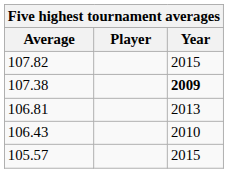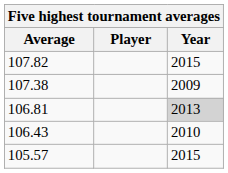 <table class="wikitable sortable">
 <tr>
 <th colspan=5>Five highest tournament averages</th>
 </tr>
 <tr>
 <th>Average</th>
 <th>Player</th>
 <th>Year</th>
 </tr>
 <tr>
 <td>107.82</td>
 <td></td>
 <td>2015</td>
 </tr>
 <tr>
 <td>107.38</td>
 <td></td>
-<td><strong>2009</strong></td>
+<td>2009</td>
 </tr>
 <tr>
 <td>106.81</td>
 <td></td>
-<td>2013</td>
+<td style="background: lightgrey;">2013</td>
 </tr>
 <tr>
 <td>106.43</td>
 <td></td>
 <td>2010</td>
 </tr>
 <tr>
 <td>105.57</td>
 <td></td>
 <td>2015</td>
 </tr>
 </table>
